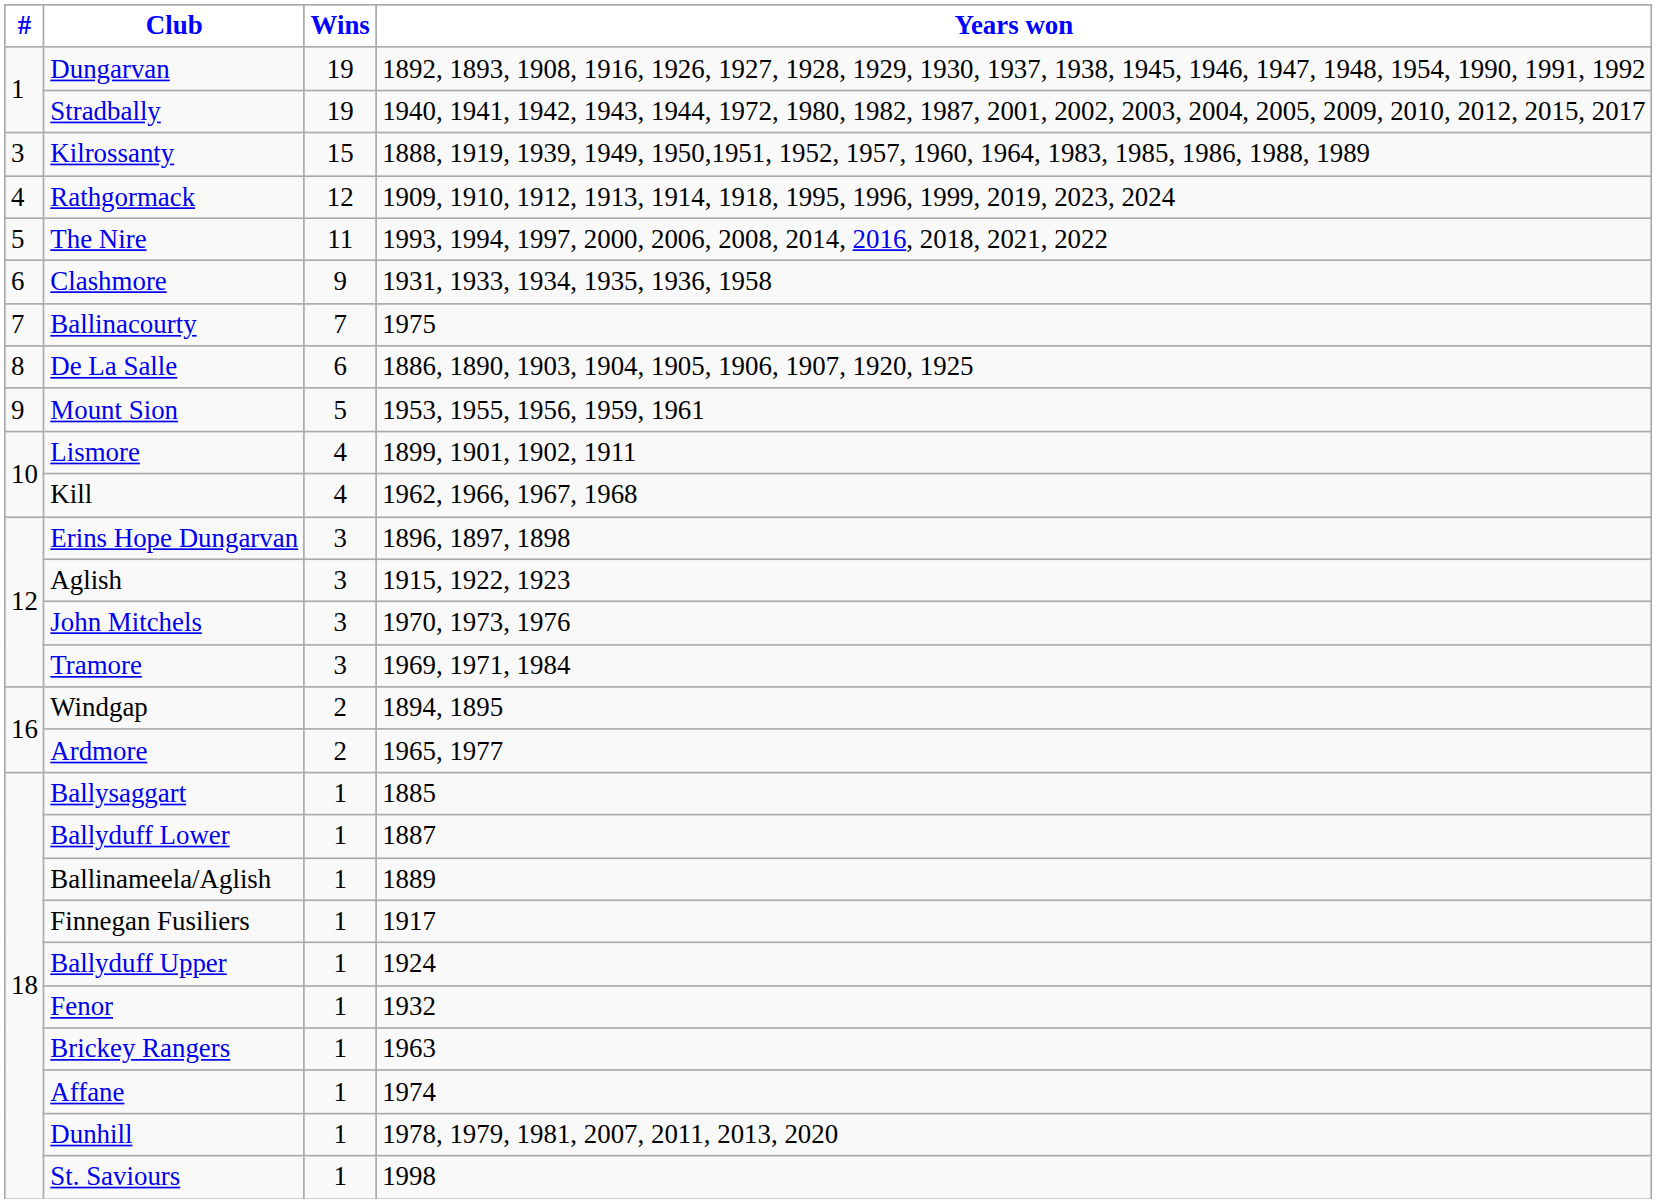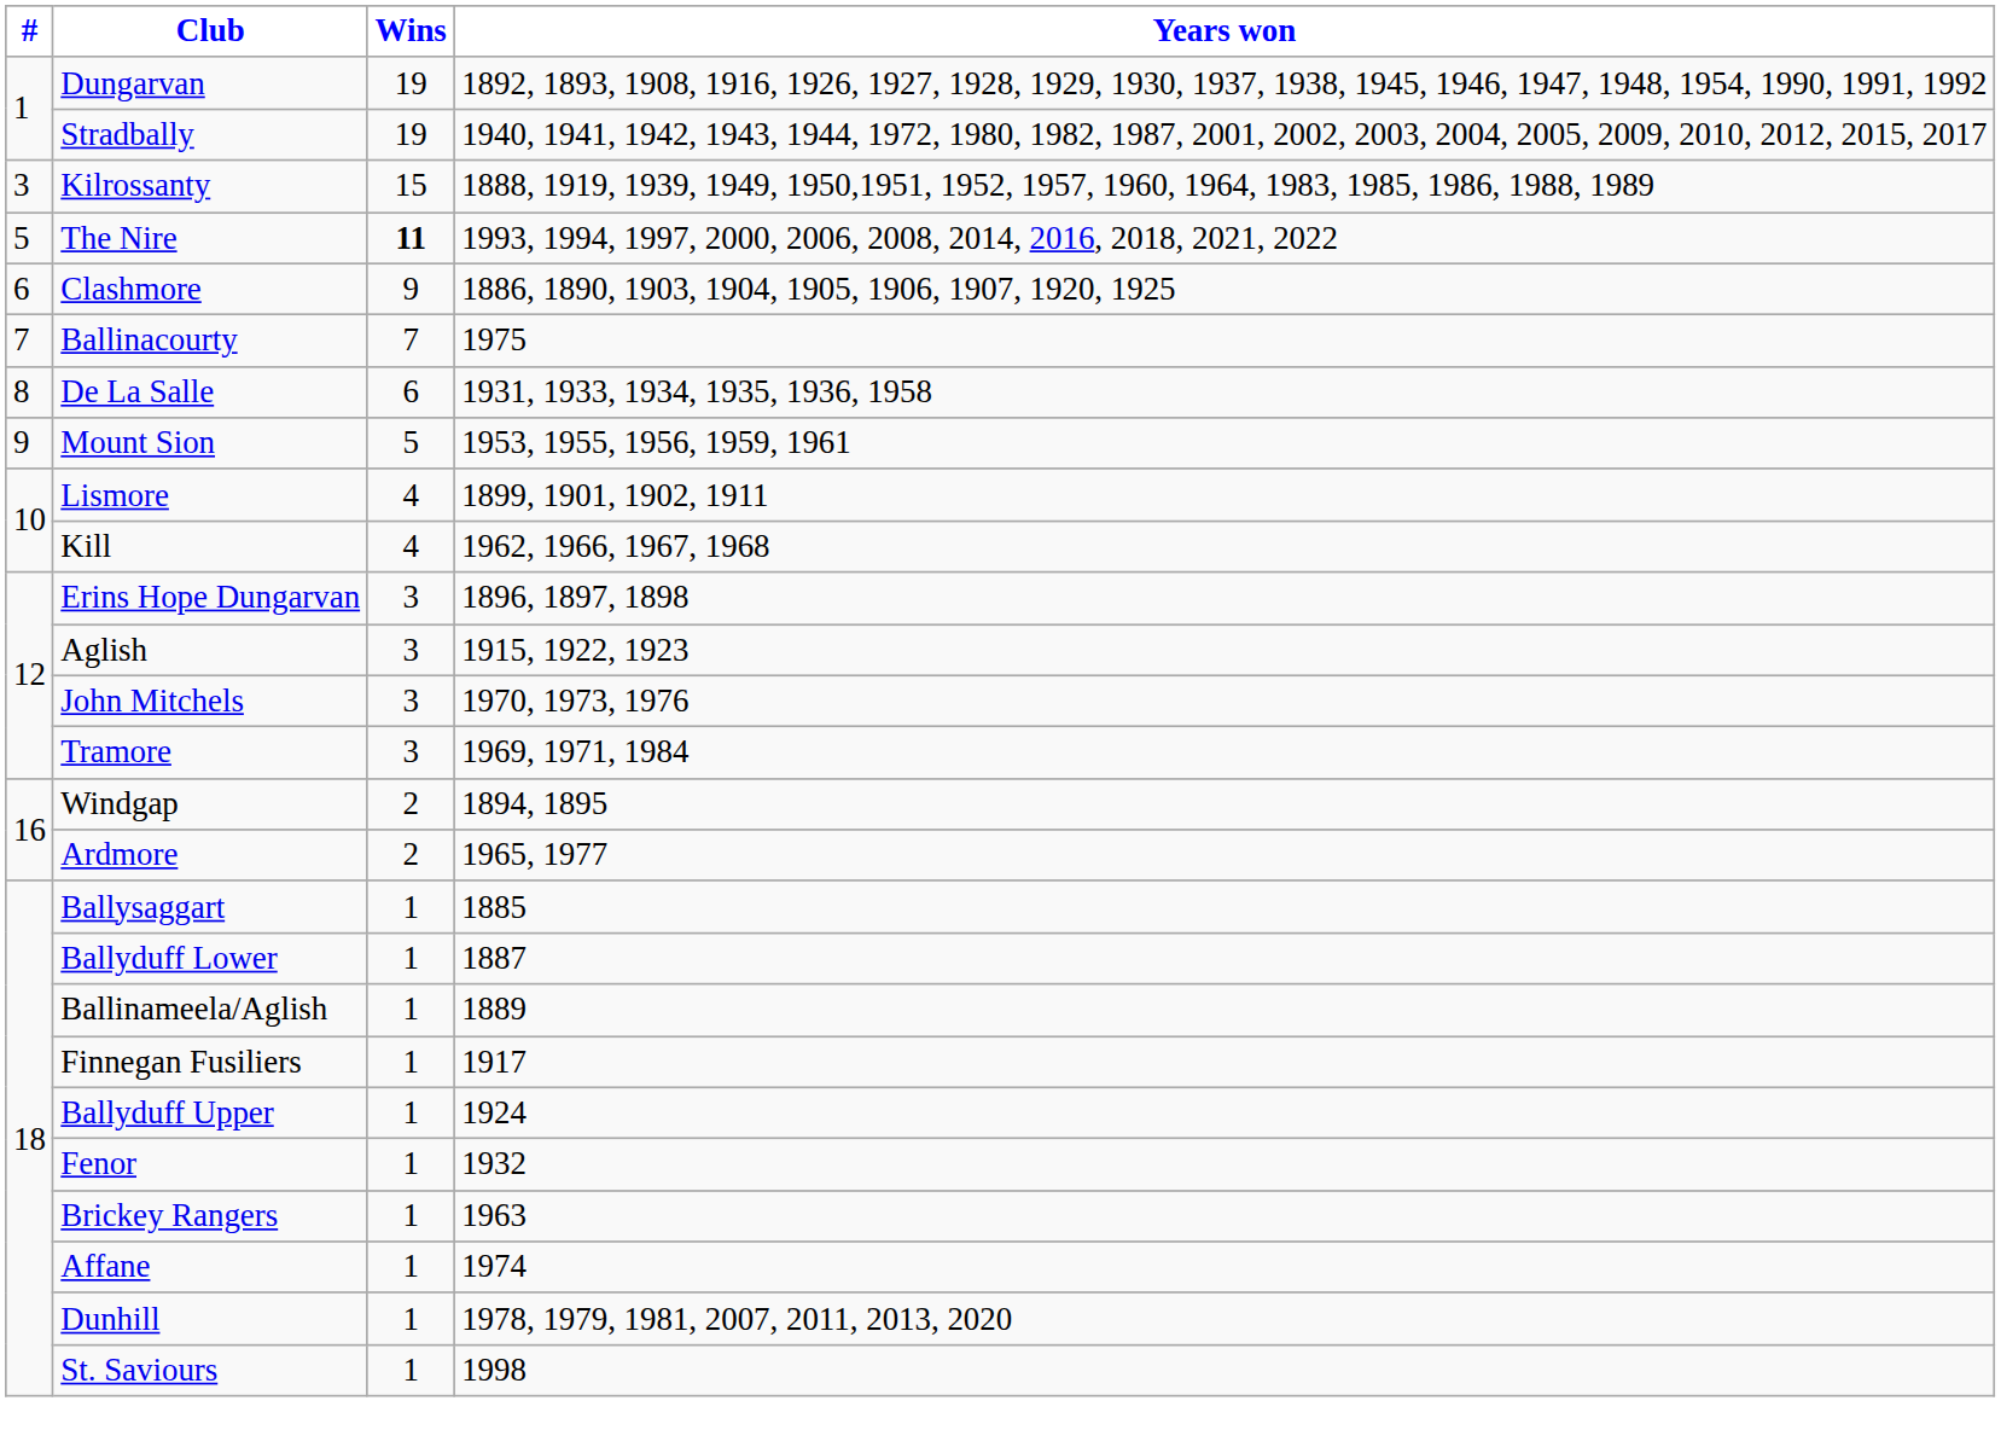 <table class="wikitable">
 <tr>
 <th style="background:white;color:blue;">#</th>
 <th style="background:white;color:blue;">Club</th>
 <th style="background:white;color:blue;">Wins</th>
 <th style="background:white;color:blue;">Years won</th>
 </tr>
 <tr>
 <td rowspan="2">1</td>
 <td><a href='#'>Dungarvan</a></td>
 <td align="center">19</td>
 <td>1892, 1893, 1908, 1916, 1926, 1927, 1928, 1929, 1930, 1937, 1938, 1945, 1946, 1947, 1948, 1954, 1990, 1991, 1992</td>
 </tr>
 <tr>
 <td><a href='#'>Stradbally</a></td>
 <td align="center">19</td>
 <td>1940, 1941, 1942, 1943, 1944, 1972, 1980, 1982, 1987, 2001, 2002, 2003, 2004, 2005, 2009, 2010, 2012, 2015, 2017</td>
 </tr>
 <tr>
 <td>3</td>
 <td><a href='#'>Kilrossanty</a></td>
 <td align="center">15</td>
 <td>1888, 1919, 1939, 1949, 1950,1951, 1952, 1957, 1960, 1964, 1983, 1985, 1986, 1988, 1989</td>
 </tr>
 <tr>
-<td>4</td>
-<td><a href='#'>Rathgormack</a></td>
-<td align="center">12</td>
-<td>1909, 1910, 1912, 1913, 1914, 1918, 1995, 1996, 1999, 2019, 2023, 2024</td>
-</tr>
-<tr>
 <td>5</td>
 <td><a href='#'>The Nire</a></td>
-<td align="center">11</td>
+<td align="center"><strong>11</strong></td>
 <td>1993, 1994, 1997, 2000, 2006, 2008, 2014, <a href='#'>2016</a>, 2018, 2021, 2022</td>
 </tr>
 <tr>
 <td>6</td>
 <td><a href='#'>Clashmore</a></td>
 <td align="center">9</td>
-<td>1931, 1933, 1934, 1935, 1936, 1958</td>
+<td>1886, 1890, 1903, 1904, 1905, 1906, 1907, 1920, 1925</td>
 </tr>
 <tr>
 <td>7</td>
 <td><a href='#'>Ballinacourty</a></td>
 <td align="center">7</td>
 <td>1975</td>
 </tr>
 <tr>
 <td>8</td>
 <td><a href='#'>De La Salle</a></td>
 <td align="center">6</td>
-<td>1886, 1890, 1903, 1904, 1905, 1906, 1907, 1920, 1925</td>
+<td>1931, 1933, 1934, 1935, 1936, 1958</td>
 </tr>
 <tr>
 <td>9</td>
 <td><a href='#'>Mount Sion</a></td>
 <td align="center">5</td>
 <td>1953, 1955, 1956, 1959, 1961</td>
 </tr>
 <tr>
 <td rowspan=2>10</td>
 <td><a href='#'>Lismore</a></td>
 <td align="center">4</td>
 <td>1899, 1901, 1902, 1911</td>
 </tr>
 <tr>
 <td>Kill</td>
 <td align="center">4</td>
 <td>1962, 1966, 1967, 1968</td>
 </tr>
 <tr>
 <td rowspan="4">12</td>
 <td><a href='#'>Erins Hope Dungarvan</a></td>
 <td align="center">3</td>
 <td>1896, 1897, 1898</td>
 </tr>
 <tr>
 <td>Aglish</td>
 <td align="center">3</td>
 <td>1915, 1922, 1923</td>
 </tr>
 <tr>
 <td><a href='#'>John Mitchels</a></td>
 <td align="center">3</td>
 <td>1970, 1973, 1976</td>
 </tr>
 <tr>
 <td><a href='#'>Tramore</a></td>
 <td align="center">3</td>
 <td>1969, 1971, 1984</td>
 </tr>
 <tr>
 <td rowspan="2">16</td>
 <td>Windgap</td>
 <td align="center">2</td>
 <td>1894, 1895</td>
 </tr>
 <tr>
 <td><a href='#'>Ardmore</a></td>
 <td align="center">2</td>
 <td>1965, 1977</td>
 </tr>
 <tr>
 <td rowspan="10">18</td>
 <td><a href='#'>Ballysaggart</a></td>
 <td align="center">1</td>
 <td>1885</td>
 </tr>
 <tr>
 <td><a href='#'>Ballyduff Lower</a></td>
 <td align="center">1</td>
 <td>1887</td>
 </tr>
 <tr>
 <td>Ballinameela/Aglish</td>
 <td align="center">1</td>
 <td>1889</td>
 </tr>
 <tr>
 <td>Finnegan Fusiliers</td>
 <td align="center">1</td>
 <td>1917</td>
 </tr>
 <tr>
 <td><a href='#'>Ballyduff Upper</a></td>
 <td align="center">1</td>
 <td>1924</td>
 </tr>
 <tr>
 <td><a href='#'>Fenor</a></td>
 <td align="center">1</td>
 <td>1932</td>
 </tr>
 <tr>
 <td><a href='#'>Brickey Rangers</a></td>
 <td align="center">1</td>
 <td>1963</td>
 </tr>
 <tr>
 <td><a href='#'>Affane</a></td>
 <td align="center">1</td>
 <td>1974</td>
 </tr>
 <tr>
 <td><a href='#'>Dunhill</a></td>
 <td align="center">1</td>
 <td>1978, 1979, 1981, 2007, 2011, 2013, 2020</td>
 </tr>
 <tr>
 <td><a href='#'>St. Saviours</a></td>
 <td align="center">1</td>
 <td>1998</td>
 </tr>
 </table>
